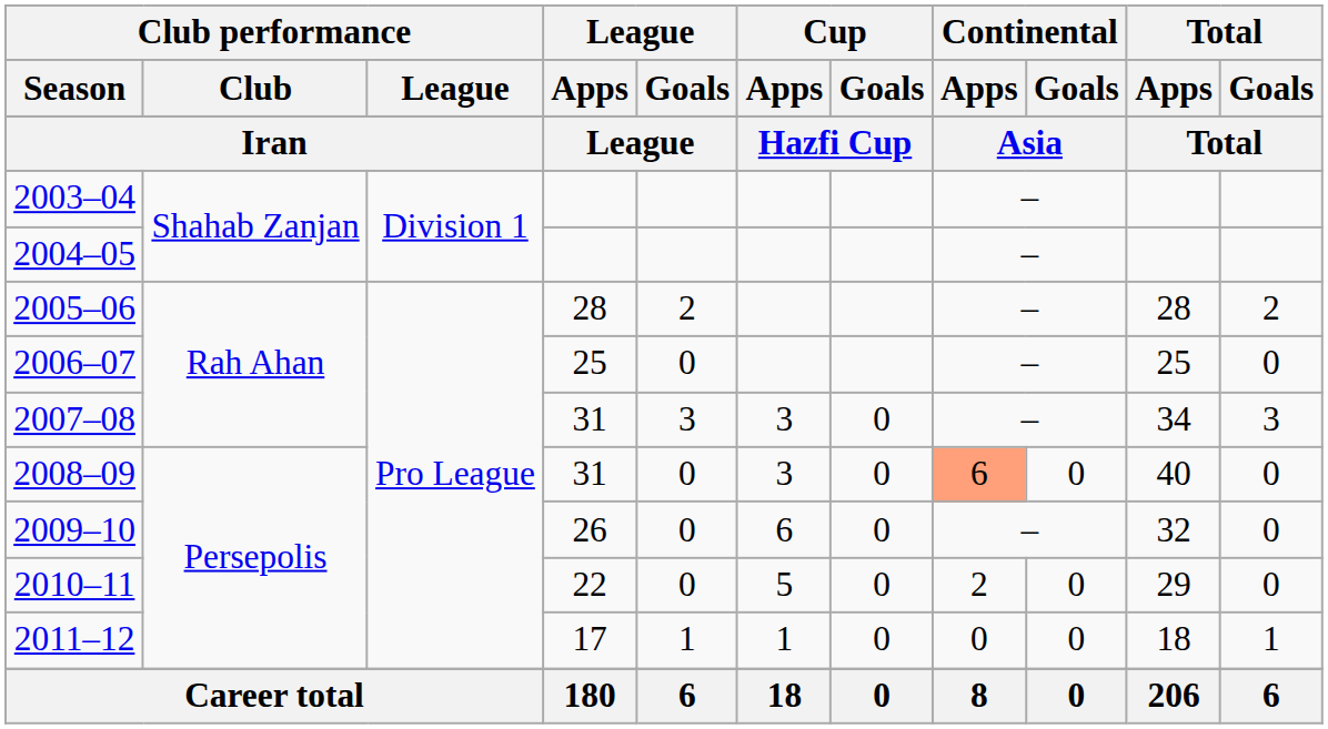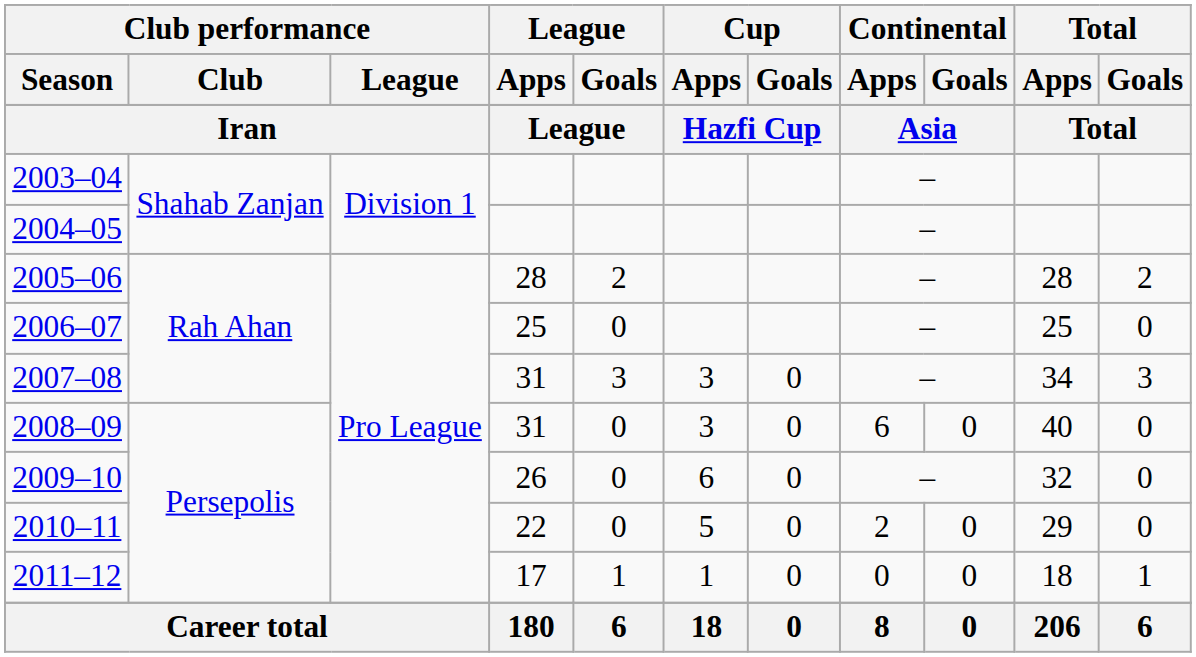 <table class="wikitable" style="text-align:center">
 <tr>
 <th colspan=3>Club performance</th>
 <th colspan=2>League</th>
 <th colspan=2>Cup</th>
 <th colspan=2>Continental</th>
 <th colspan=2>Total</th>
 </tr>
 <tr>
 <th>Season</th>
 <th>Club</th>
 <th>League</th>
 <th>Apps</th>
 <th>Goals</th>
 <th>Apps</th>
 <th>Goals</th>
 <th>Apps</th>
 <th>Goals</th>
 <th>Apps</th>
 <th>Goals</th>
 </tr>
 <tr>
 </tr>
 <tr>
 <th colspan=3>Iran</th>
 <th colspan=2>League</th>
 <th colspan=2><a href='#'>Hazfi Cup</a></th>
 <th colspan=2><a href='#'>Asia</a></th>
 <th colspan=2>Total</th>
 </tr>
 <tr>
 <td><a href='#'>2003–04</a></td>
 <td rowspan="2"><a href='#'>Shahab Zanjan</a></td>
 <td rowspan="2"><a href='#'>Division 1</a></td>
 <td></td>
 <td></td>
 <td></td>
 <td></td>
 <td colspan="2">–</td>
 <td></td>
 <td></td>
 </tr>
 <tr>
 <td><a href='#'>2004–05</a></td>
 <td></td>
 <td></td>
 <td></td>
 <td></td>
 <td colspan="2">–</td>
 <td></td>
 <td></td>
 </tr>
 <tr>
 <td><a href='#'>2005–06</a></td>
 <td rowspan="3"><a href='#'>Rah Ahan</a></td>
 <td rowspan="7"><a href='#'>Pro League</a></td>
 <td>28</td>
 <td>2</td>
 <td></td>
 <td></td>
 <td colspan="2">–</td>
 <td>28</td>
 <td>2</td>
 </tr>
 <tr>
 <td><a href='#'>2006–07</a></td>
 <td>25</td>
 <td>0</td>
 <td></td>
 <td></td>
 <td colspan="2">–</td>
 <td>25</td>
 <td>0</td>
 </tr>
 <tr>
 <td><a href='#'>2007–08</a></td>
 <td>31</td>
 <td>3</td>
 <td>3</td>
 <td>0</td>
 <td colspan="2">–</td>
 <td>34</td>
 <td>3</td>
 </tr>
 <tr>
 <td><a href='#'>2008–09</a></td>
 <td rowspan="4"><a href='#'>Persepolis</a></td>
 <td>31</td>
 <td>0</td>
 <td>3</td>
 <td>0</td>
-<td style="background: lightsalmon;">6</td>
+<td>6</td>
 <td>0</td>
 <td>40</td>
 <td>0</td>
 </tr>
 <tr>
 <td><a href='#'>2009–10</a></td>
 <td>26</td>
 <td>0</td>
 <td>6</td>
 <td>0</td>
 <td colspan="2">–</td>
 <td>32</td>
 <td>0</td>
 </tr>
 <tr>
 <td><a href='#'>2010–11</a></td>
 <td>22</td>
 <td>0</td>
 <td>5</td>
 <td>0</td>
 <td>2</td>
 <td>0</td>
 <td>29</td>
 <td>0</td>
 </tr>
 <tr>
 <td><a href='#'>2011–12</a></td>
 <td>17</td>
 <td>1</td>
 <td>1</td>
 <td>0</td>
 <td>0</td>
 <td>0</td>
 <td>18</td>
 <td>1</td>
 </tr>
 <tr>
 </tr>
 <tr>
 <th colspan=3>Career total</th>
 <th>180</th>
 <th>6</th>
 <th>18</th>
 <th>0</th>
 <th>8</th>
 <th>0</th>
 <th>206</th>
 <th>6</th>
 </tr>
 </table>
